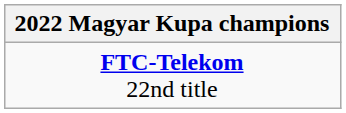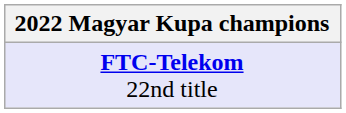 <table class=wikitable style="text-align:center; width:225px; margin:auto">
 <tr>
 <th>2022 Magyar Kupa champions</th>
 </tr>
 <tr>
-<td><strong><a href='#'>FTC-Telekom</a></strong><br>22nd title</td>
+<td style="background: lavender;"><strong><a href='#'>FTC-Telekom</a></strong><br>22nd title</td>
 </tr>
 </table>
